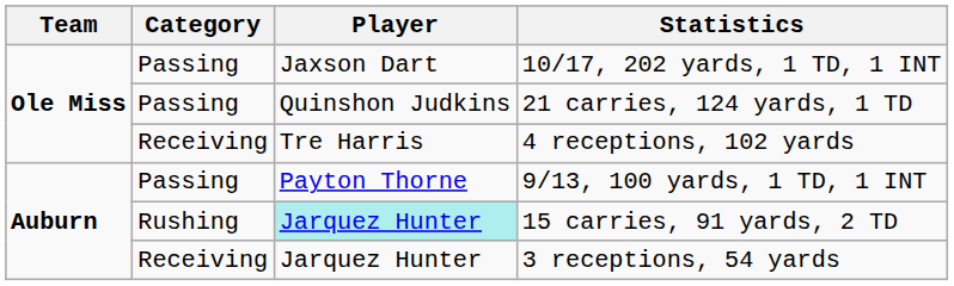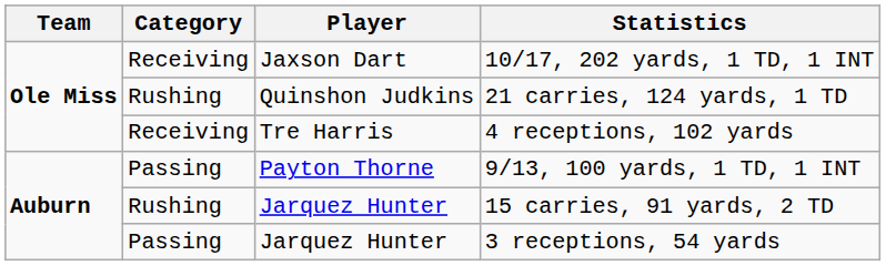 <table class="wikitable" style="float: right;">
 <tr>
 <th>Team</th>
 <th>Category</th>
 <th>Player</th>
 <th>Statistics</th>
 </tr>
 <tr>
 <td rowspan=3><strong>Ole Miss</strong></td>
-<td>Passing</td>
+<td>Receiving</td>
 <td>Jaxson Dart</td>
 <td>10/17, 202 yards, 1 TD, 1 INT</td>
 </tr>
 <tr>
-<td>Passing</td>
+<td>Rushing</td>
 <td>Quinshon Judkins</td>
 <td>21 carries, 124 yards, 1 TD</td>
 </tr>
 <tr>
 <td>Receiving</td>
 <td>Tre Harris</td>
 <td>4 receptions, 102 yards</td>
 </tr>
 <tr>
 <td rowspan=3><strong>Auburn</strong></td>
 <td>Passing</td>
 <td><a href='#'>Payton Thorne</a></td>
 <td>9/13, 100 yards, 1 TD, 1 INT</td>
 </tr>
 <tr>
 <td>Rushing</td>
-<td style="background: paleturquoise;"><a href='#'>Jarquez Hunter</a></td>
+<td><a href='#'>Jarquez Hunter</a></td>
 <td>15 carries, 91 yards, 2 TD</td>
 </tr>
 <tr>
-<td>Receiving</td>
+<td>Passing</td>
 <td>Jarquez Hunter</td>
 <td>3 receptions, 54 yards</td>
 </tr>
 </table>
